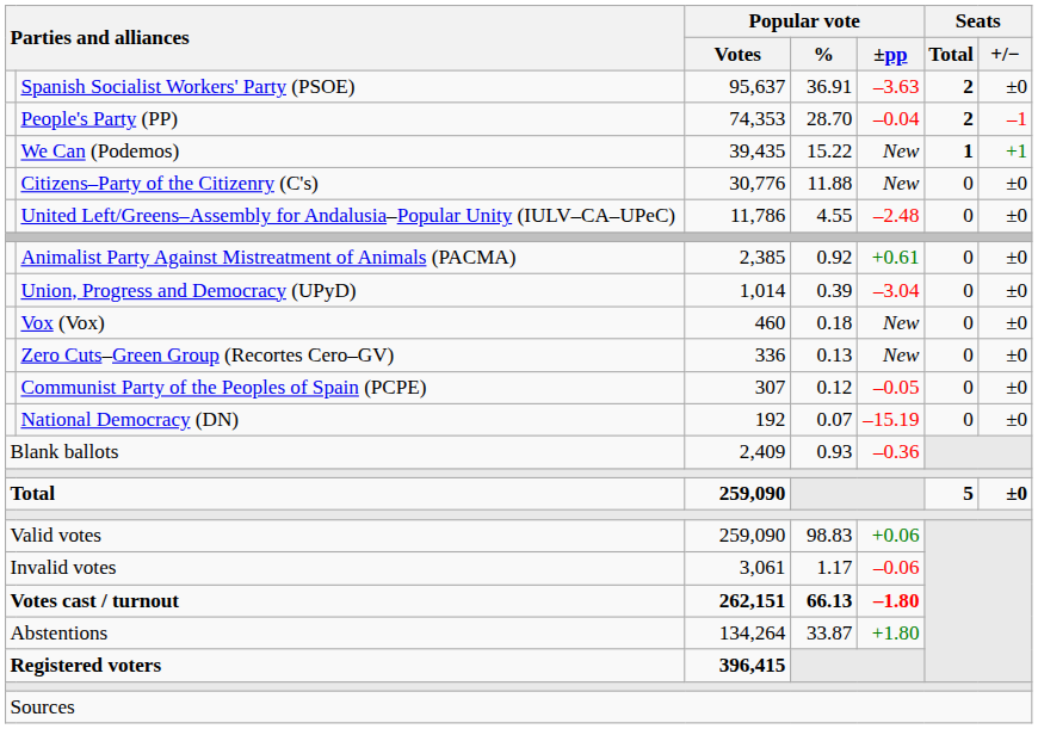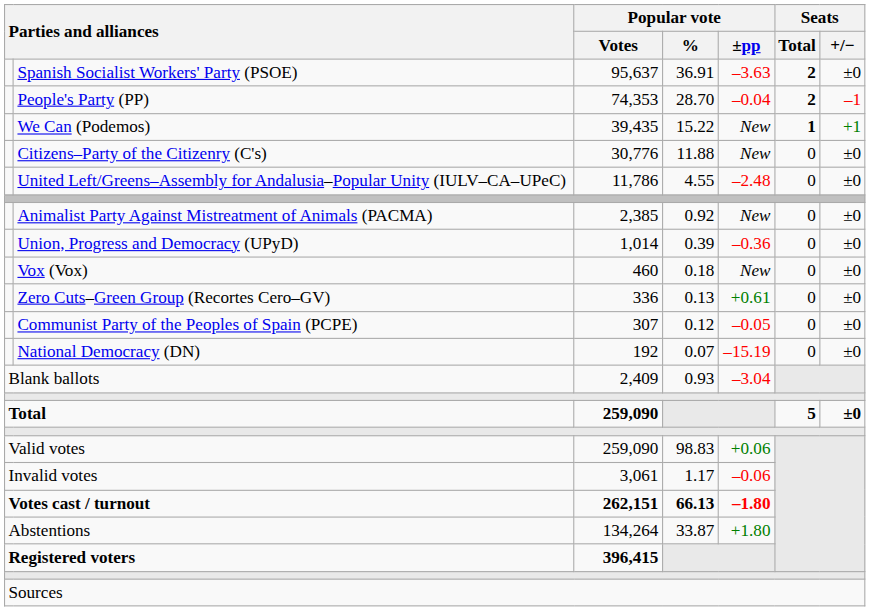 <table class="wikitable" style="text-align:right;">
 <tr>
 <th style="text-align:left;" rowspan="2" colspan="2" width="525">Parties and alliances</th>
 <th colspan="3">Popular vote</th>
 <th colspan="2">Seats</th>
 </tr>
 <tr>
 <th width="75">Votes</th>
 <th width="45">%</th>
 <th width="45">±<a href='#'>pp</a></th>
 <th width="35">Total</th>
 <th width="35">+/−</th>
 </tr>
 <tr>
 <td width="1" style="color:inherit;background:"></td>
 <td align="left"><a href='#'>Spanish Socialist Workers' Party</a> (PSOE)</td>
 <td>95,637</td>
 <td>36.91</td>
 <td style="color:red;">–3.63</td>
 <td><strong>2</strong></td>
 <td>±0</td>
 </tr>
 <tr>
 <td style="color:inherit;background:"></td>
 <td align="left"><a href='#'>People's Party</a> (PP)</td>
 <td>74,353</td>
 <td>28.70</td>
 <td style="color:red;">–0.04</td>
 <td><strong>2</strong></td>
 <td style="color:red;">–1</td>
 </tr>
 <tr>
 <td style="color:inherit;background:"></td>
 <td align="left"><a href='#'>We Can</a> (Podemos)</td>
 <td>39,435</td>
 <td>15.22</td>
 <td><em>New</em></td>
 <td><strong>1</strong></td>
 <td style="color:green;">+1</td>
 </tr>
 <tr>
 <td style="color:inherit;background:"></td>
 <td align="left"><a href='#'>Citizens–Party of the Citizenry</a> (C's)</td>
 <td>30,776</td>
 <td>11.88</td>
 <td><em>New</em></td>
 <td>0</td>
 <td>±0</td>
 </tr>
 <tr>
 <td style="color:inherit;background:"></td>
 <td align="left"><a href='#'>United Left/Greens–Assembly for Andalusia</a>–<a href='#'>Popular Unity</a> (IULV–CA–UPeC)</td>
 <td>11,786</td>
 <td>4.55</td>
 <td style="color:red;">–2.48</td>
 <td>0</td>
 <td>±0</td>
 </tr>
 <tr>
 <td colspan="7" bgcolor="#C0C0C0"></td>
 </tr>
 <tr>
 <td style="color:inherit;background:"></td>
 <td align="left"><a href='#'>Animalist Party Against Mistreatment of Animals</a> (PACMA)</td>
 <td>2,385</td>
 <td>0.92</td>
-<td style="color:green;">+0.61</td>
+<td><em>New</em></td>
 <td>0</td>
 <td>±0</td>
 </tr>
 <tr>
 <td style="color:inherit;background:"></td>
 <td align="left"><a href='#'>Union, Progress and Democracy</a> (UPyD)</td>
 <td>1,014</td>
 <td>0.39</td>
-<td style="color:red;">–3.04</td>
+<td style="color:red;">–0.36</td>
 <td>0</td>
 <td>±0</td>
 </tr>
 <tr>
 <td style="color:inherit;background:"></td>
 <td align="left"><a href='#'>Vox</a> (Vox)</td>
 <td>460</td>
 <td>0.18</td>
 <td><em>New</em></td>
 <td>0</td>
 <td>±0</td>
 </tr>
 <tr>
 <td style="color:inherit;background:"></td>
 <td align="left"><a href='#'>Zero Cuts</a>–<a href='#'>Green Group</a> (Recortes Cero–GV)</td>
 <td>336</td>
 <td>0.13</td>
-<td><em>New</em></td>
+<td style="color:green;">+0.61</td>
 <td>0</td>
 <td>±0</td>
 </tr>
 <tr>
 <td style="color:inherit;background:"></td>
 <td align="left"><a href='#'>Communist Party of the Peoples of Spain</a> (PCPE)</td>
 <td>307</td>
 <td>0.12</td>
 <td style="color:red;">–0.05</td>
 <td>0</td>
 <td>±0</td>
 </tr>
 <tr>
 <td style="color:inherit;background:"></td>
 <td align="left"><a href='#'>National Democracy</a> (DN)</td>
 <td>192</td>
 <td>0.07</td>
 <td style="color:red;">–15.19</td>
 <td>0</td>
 <td>±0</td>
 </tr>
 <tr>
 <td align="left" colspan="2">Blank ballots</td>
 <td>2,409</td>
 <td>0.93</td>
-<td style="color:red;">–0.36</td>
+<td style="color:red;">–3.04</td>
 <td bgcolor="#E9E9E9" colspan="2"></td>
 </tr>
 <tr>
 <td colspan="7" bgcolor="#E9E9E9"></td>
 </tr>
 <tr style="font-weight:bold;">
 <td align="left" colspan="2">Total</td>
 <td>259,090</td>
 <td bgcolor="#E9E9E9" colspan="2"></td>
 <td>5</td>
 <td>±0</td>
 </tr>
 <tr>
 <td colspan="7" bgcolor="#E9E9E9"></td>
 </tr>
 <tr>
 <td align="left" colspan="2">Valid votes</td>
 <td>259,090</td>
 <td>98.83</td>
 <td style="color:green;">+0.06</td>
 <td bgcolor="#E9E9E9" colspan="2" rowspan="5"></td>
 </tr>
 <tr>
 <td align="left" colspan="2">Invalid votes</td>
 <td>3,061</td>
 <td>1.17</td>
 <td style="color:red;">–0.06</td>
 </tr>
 <tr style="font-weight:bold;">
 <td align="left" colspan="2">Votes cast / turnout</td>
 <td>262,151</td>
 <td>66.13</td>
 <td style="color:red;">–1.80</td>
 </tr>
 <tr>
 <td align="left" colspan="2">Abstentions</td>
 <td>134,264</td>
 <td>33.87</td>
 <td style="color:green;">+1.80</td>
 </tr>
 <tr style="font-weight:bold;">
 <td align="left" colspan="2">Registered voters</td>
 <td>396,415</td>
 <td bgcolor="#E9E9E9" colspan="2"></td>
 </tr>
 <tr>
 <td colspan="7" bgcolor="#E9E9E9"></td>
 </tr>
 <tr>
 <td align="left" colspan="7">Sources</td>
 </tr>
 </table>
